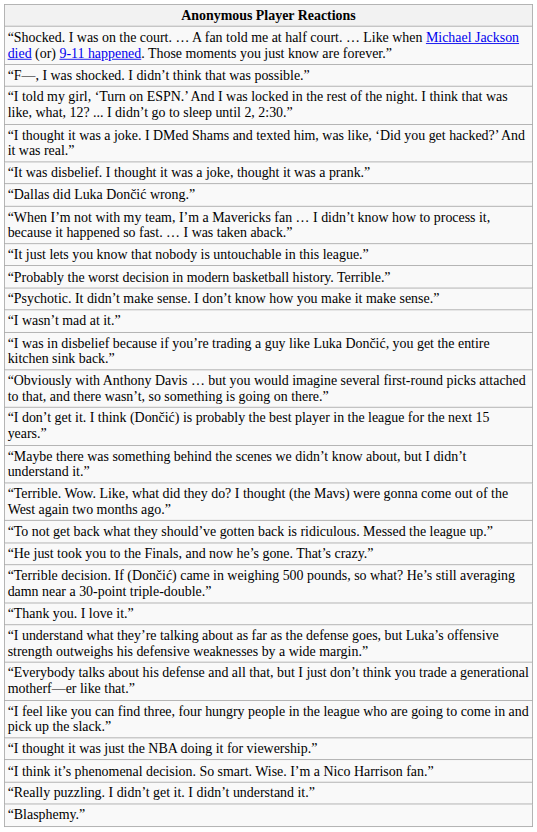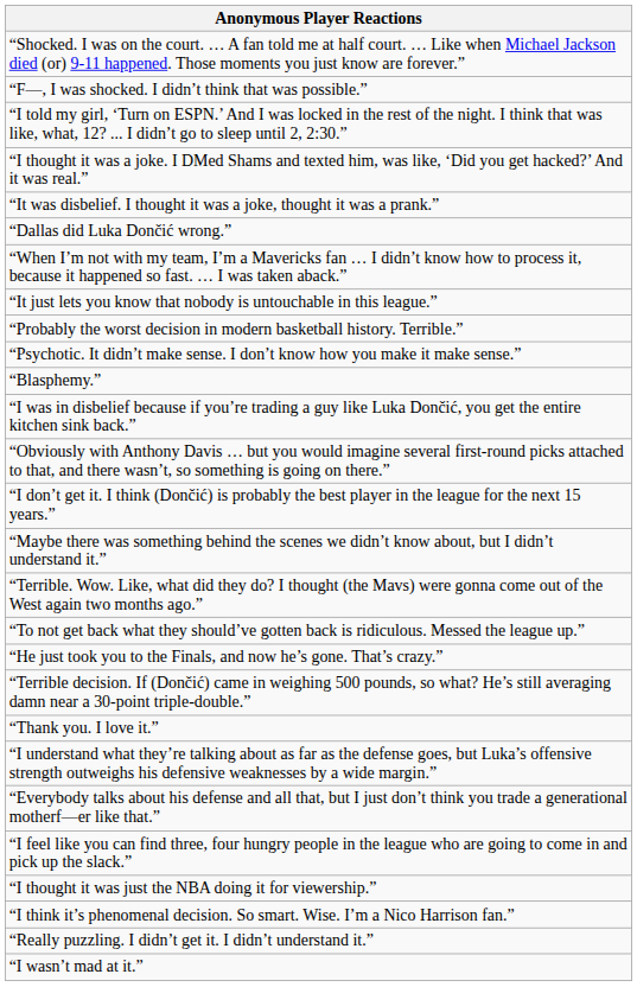 <table class="wikitable">
 <tr>
 <th>Anonymous Player Reactions</th>
 </tr>
 <tr>
 <td>“Shocked. I was on the court. … A fan told me at half court. … Like when <a href='#'>Michael Jackson died</a> (or) <a href='#'>9-11 happened</a>. Those moments you just know are forever.”</td>
 </tr>
 <tr>
 <td>“F—, I was shocked. I didn’t think that was possible.”</td>
 </tr>
 <tr>
 <td>“I told my girl, ‘Turn on ESPN.’ And I was locked in the rest of the night. I think that was like, what, 12? ... I didn’t go to sleep until 2, 2:30.”</td>
 </tr>
 <tr>
 <td>“I thought it was a joke. I DMed Shams and texted him, was like, ‘Did you get hacked?’ And it was real.”</td>
 </tr>
 <tr>
 <td>“It was disbelief. I thought it was a joke, thought it was a prank.”</td>
 </tr>
 <tr>
 <td>“Dallas did Luka Dončić wrong.”</td>
 </tr>
 <tr>
 <td>“When I’m not with my team, I’m a Mavericks fan … I didn’t know how to process it, because it happened so fast. … I was taken aback.”</td>
 </tr>
 <tr>
 <td>“It just lets you know that nobody is untouchable in this league.”</td>
 </tr>
 <tr>
 <td>“Probably the worst decision in modern basketball history. Terrible.”</td>
 </tr>
 <tr>
 <td>“Psychotic. It didn’t make sense. I don’t know how you make it make sense.”</td>
 </tr>
 <tr>
-<td>“I wasn’t mad at it.”</td>
+<td>“Blasphemy.”</td>
 </tr>
 <tr>
 <td>“I was in disbelief because if you’re trading a guy like Luka Dončić, you get the entire kitchen sink back.”</td>
 </tr>
 <tr>
 <td>“Obviously with Anthony Davis … but you would imagine several first-round picks attached to that, and there wasn’t, so something is going on there.”</td>
 </tr>
 <tr>
 <td>“I don’t get it. I think (Dončić) is probably the best player in the league for the next 15 years.”</td>
 </tr>
 <tr>
 <td>“Maybe there was something behind the scenes we didn’t know about, but I didn’t understand it.”</td>
 </tr>
 <tr>
 <td>“Terrible. Wow. Like, what did they do? I thought (the Mavs) were gonna come out of the West again two months ago.”</td>
 </tr>
 <tr>
 <td>“To not get back what they should’ve gotten back is ridiculous. Messed the league up.”</td>
 </tr>
 <tr>
 <td>“He just took you to the Finals, and now he’s gone. That’s crazy.”</td>
 </tr>
 <tr>
 <td>“Terrible decision. If (Dončić) came in weighing 500 pounds, so what? He’s still averaging damn near a 30-point triple-double.”</td>
 </tr>
 <tr>
 <td>“Thank you. I love it.”</td>
 </tr>
 <tr>
 <td>“I understand what they’re talking about as far as the defense goes, but Luka’s offensive strength outweighs his defensive weaknesses by a wide margin.”</td>
 </tr>
 <tr>
 <td>“Everybody talks about his defense and all that, but I just don’t think you trade a generational motherf—er like that.”</td>
 </tr>
 <tr>
 <td>“I feel like you can find three, four hungry people in the league who are going to come in and pick up the slack.”</td>
 </tr>
 <tr>
 <td>“I thought it was just the NBA doing it for viewership.”</td>
 </tr>
 <tr>
 <td>“I think it’s phenomenal decision. So smart. Wise. I’m a Nico Harrison fan.”</td>
 </tr>
 <tr>
 <td>“Really puzzling. I didn’t get it. I didn’t understand it.”</td>
 </tr>
 <tr>
-<td>“Blasphemy.”</td>
+<td>“I wasn’t mad at it.”</td>
 </tr>
 </table>
